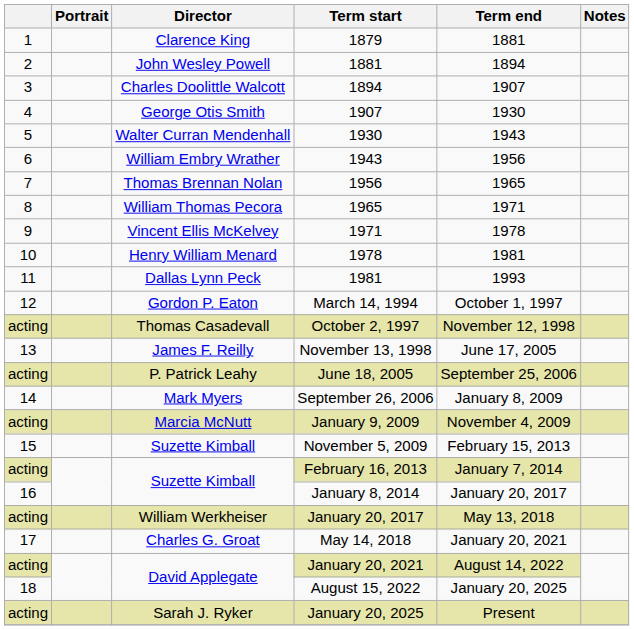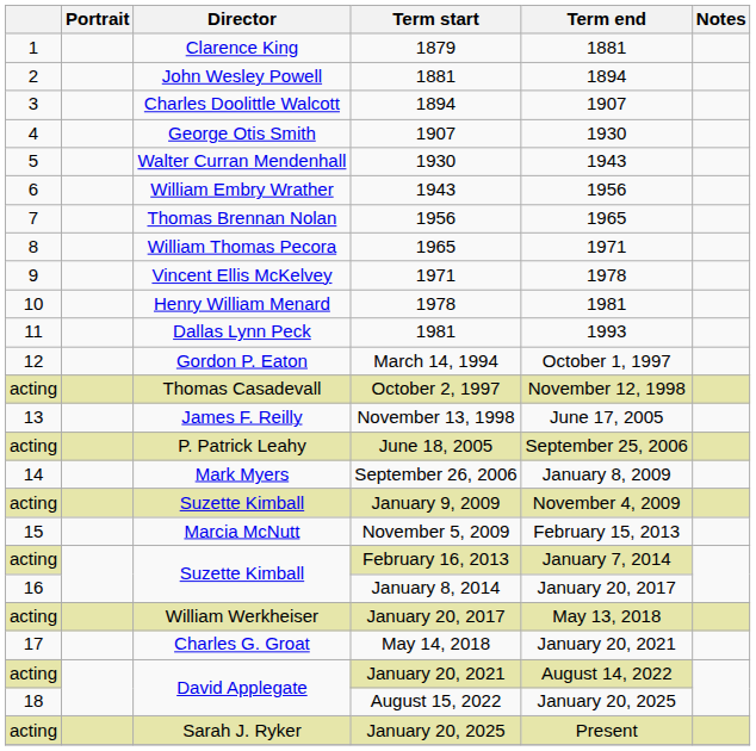 <table class=wikitable style="text-align:center">
 <tr>
 <th></th>
 <th>Portrait</th>
 <th>Director</th>
 <th>Term start</th>
 <th>Term end</th>
 <th>Notes</th>
 </tr>
 <tr>
 <td>1</td>
 <td></td>
 <td><a href='#'>Clarence King</a></td>
 <td>1879</td>
 <td>1881</td>
 <td></td>
 </tr>
 <tr>
 <td>2</td>
 <td></td>
 <td><a href='#'>John Wesley Powell</a></td>
 <td>1881</td>
 <td>1894</td>
 <td></td>
 </tr>
 <tr>
 <td>3</td>
 <td></td>
 <td><a href='#'>Charles Doolittle Walcott</a></td>
 <td>1894</td>
 <td>1907</td>
 <td></td>
 </tr>
 <tr>
 <td>4</td>
 <td></td>
 <td><a href='#'>George Otis Smith</a></td>
 <td>1907</td>
 <td>1930</td>
 <td></td>
 </tr>
 <tr>
 <td>5</td>
 <td></td>
 <td><a href='#'>Walter Curran Mendenhall</a></td>
 <td>1930</td>
 <td>1943</td>
 <td></td>
 </tr>
 <tr>
 <td>6</td>
 <td></td>
 <td><a href='#'>William Embry Wrather</a></td>
 <td>1943</td>
 <td>1956</td>
 <td></td>
 </tr>
 <tr>
 <td>7</td>
 <td></td>
 <td><a href='#'>Thomas Brennan Nolan</a></td>
 <td>1956</td>
 <td>1965</td>
 <td></td>
 </tr>
 <tr>
 <td>8</td>
 <td></td>
 <td><a href='#'>William Thomas Pecora</a></td>
 <td>1965</td>
 <td>1971</td>
 <td></td>
 </tr>
 <tr>
 <td>9</td>
 <td></td>
 <td><a href='#'>Vincent Ellis McKelvey</a></td>
 <td>1971</td>
 <td>1978</td>
 <td></td>
 </tr>
 <tr>
 <td>10</td>
 <td></td>
 <td><a href='#'>Henry William Menard</a></td>
 <td>1978</td>
 <td>1981</td>
 <td></td>
 </tr>
 <tr>
 <td>11</td>
 <td></td>
 <td><a href='#'>Dallas Lynn Peck</a></td>
 <td>1981</td>
 <td>1993</td>
 <td></td>
 </tr>
 <tr>
 <td>12</td>
 <td></td>
 <td><a href='#'>Gordon P. Eaton</a></td>
 <td>March 14, 1994</td>
 <td>October 1, 1997</td>
 <td></td>
 </tr>
 <tr bgcolor="#e6e6aa">
 <td>acting</td>
 <td></td>
 <td>Thomas Casadevall</td>
 <td>October 2, 1997</td>
 <td>November 12, 1998</td>
 <td></td>
 </tr>
 <tr>
 <td>13</td>
 <td></td>
 <td><a href='#'>James F. Reilly</a></td>
 <td>November 13, 1998</td>
 <td>June 17, 2005</td>
 <td></td>
 </tr>
 <tr bgcolor="#e6e6aa">
 <td>acting</td>
 <td></td>
 <td>P. Patrick Leahy</td>
 <td>June 18, 2005</td>
 <td>September 25, 2006</td>
 <td></td>
 </tr>
 <tr>
 <td>14</td>
 <td></td>
 <td><a href='#'>Mark Myers</a></td>
 <td>September 26, 2006</td>
 <td>January 8, 2009</td>
 <td></td>
 </tr>
 <tr bgcolor="#e6e6aa">
 <td>acting</td>
 <td></td>
-<td><a href='#'>Marcia McNutt</a></td>
+<td><a href='#'>Suzette Kimball</a></td>
 <td>January 9, 2009</td>
 <td>November 4, 2009</td>
 <td></td>
 </tr>
 <tr>
 <td>15</td>
 <td></td>
-<td><a href='#'>Suzette Kimball</a></td>
+<td><a href='#'>Marcia McNutt</a></td>
 <td>November 5, 2009</td>
 <td>February 15, 2013</td>
 <td></td>
 </tr>
 <tr>
 <td bgcolor="#e6e6aa">acting</td>
 <td rowspan=2></td>
 <td rowspan=2><a href='#'>Suzette Kimball</a></td>
 <td bgcolor="#e6e6aa">February 16, 2013</td>
 <td bgcolor="#e6e6aa">January 7, 2014</td>
 <td rowspan=2></td>
 </tr>
 <tr>
 <td>16</td>
 <td>January 8, 2014</td>
 <td>January 20, 2017</td>
 </tr>
 <tr bgcolor="#e6e6aa">
 <td>acting</td>
 <td></td>
 <td>William Werkheiser</td>
 <td>January 20, 2017</td>
 <td>May 13, 2018</td>
 <td></td>
 </tr>
 <tr>
 <td>17</td>
 <td></td>
 <td><a href='#'>Charles G. Groat</a></td>
 <td>May 14, 2018</td>
 <td>January 20, 2021</td>
 <td></td>
 </tr>
 <tr>
 <td bgcolor="#e6e6aa">acting</td>
 <td rowspan=2></td>
 <td rowspan=2><a href='#'>David Applegate</a></td>
 <td bgcolor="#e6e6aa">January 20, 2021</td>
 <td bgcolor="#e6e6aa">August 14, 2022</td>
 <td rowspan=2></td>
 </tr>
 <tr>
 <td>18</td>
 <td>August 15, 2022</td>
 <td>January 20, 2025</td>
 </tr>
 <tr bgcolor="#e6e6aa">
 <td>acting</td>
 <td></td>
 <td>Sarah J. Ryker</td>
 <td>January 20, 2025</td>
 <td>Present</td>
 <td></td>
 </tr>
 <tr>
 </tr>
 </table>
